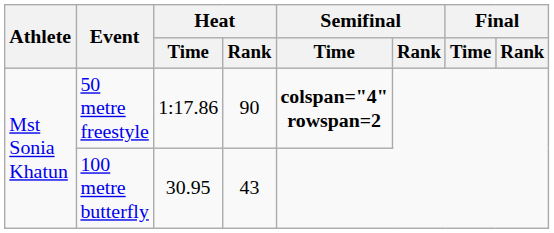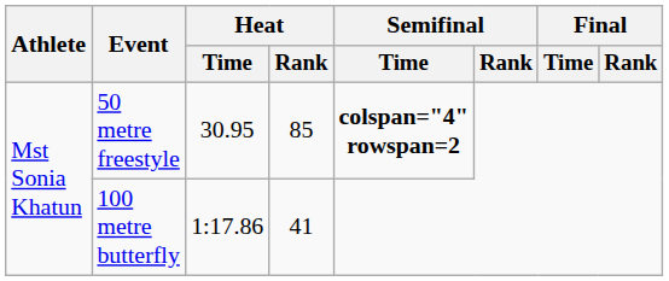 <table class="wikitable" style="text-align:center; font-size:90%; width:50%;">
 <tr>
 <th rowspan="2">Athlete</th>
 <th rowspan="2">Event</th>
 <th colspan="2">Heat</th>
 <th colspan="2">Semifinal</th>
 <th colspan="2">Final</th>
 </tr>
 <tr style="font-size:95%">
 <th>Time</th>
 <th>Rank</th>
 <th>Time</th>
 <th>Rank</th>
 <th>Time</th>
 <th>Rank</th>
 </tr>
 <tr>
 <td align=left rowspan=2><a href='#'>Mst Sonia Khatun</a></td>
 <td align=left><a href='#'>50 metre freestyle</a></td>
-<td>1:17.86</td>
-<td>90</td>
+<td>30.95</td>
+<td>85</td>
 <td><strong>colspan="4" rowspan=2</strong></td>
 </tr>
 <tr>
 <td align=left><a href='#'>100 metre butterfly</a></td>
-<td>30.95</td>
-<td>43</td>
+<td>1:17.86</td>
+<td>41</td>
 </tr>
 </table>
